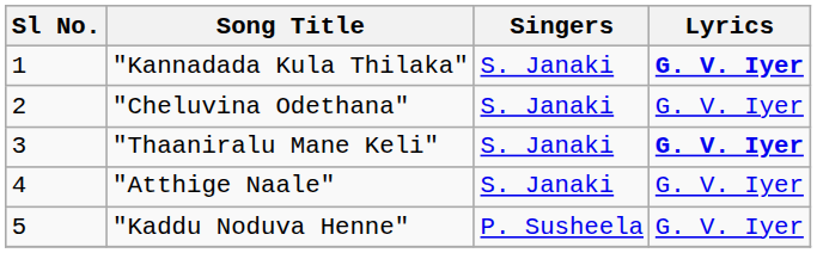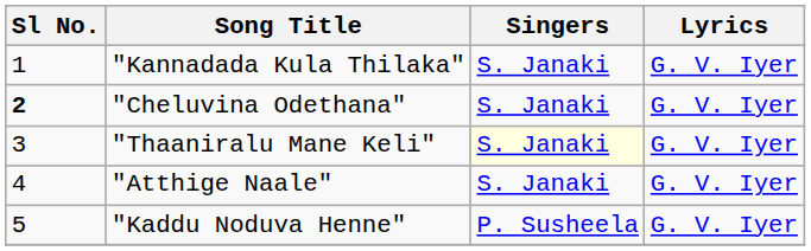 <table class="wikitable sortable">
 <tr>
 <th>Sl No.</th>
 <th>Song Title</th>
 <th>Singers</th>
 <th>Lyrics</th>
 </tr>
 <tr>
 <td>1</td>
 <td>"Kannadada Kula Thilaka"</td>
 <td><a href='#'>S. Janaki</a></td>
-<td><strong><a href='#'>G. V. Iyer</a></strong></td>
+<td><a href='#'>G. V. Iyer</a></td>
 </tr>
 <tr>
-<td>2</td>
+<td><strong>2</strong></td>
 <td>"Cheluvina Odethana"</td>
 <td><a href='#'>S. Janaki</a></td>
 <td><a href='#'>G. V. Iyer</a></td>
 </tr>
 <tr>
 <td>3</td>
 <td>"Thaaniralu Mane Keli"</td>
-<td><a href='#'>S. Janaki</a></td>
-<td><strong><a href='#'>G. V. Iyer</a></strong></td>
+<td style="background: lightyellow;"><a href='#'>S. Janaki</a></td>
+<td><a href='#'>G. V. Iyer</a></td>
 </tr>
 <tr>
 <td>4</td>
 <td>"Atthige Naale"</td>
 <td><a href='#'>S. Janaki</a></td>
 <td><a href='#'>G. V. Iyer</a></td>
 </tr>
 <tr>
 <td>5</td>
 <td>"Kaddu Noduva Henne"</td>
 <td><a href='#'>P. Susheela</a></td>
 <td><a href='#'>G. V. Iyer</a></td>
 </tr>
 <tr>
 </tr>
 </table>
